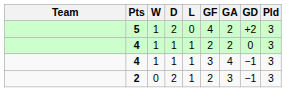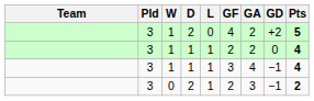 <table class="wikitable" style="text-align:center;">
 <tr>
 <th width=180>Team</th>
-<th width=20>Pts</th>
+<th width=20>Pld</th>
 <th width=20>W</th>
 <th width=20>D</th>
 <th width=20>L</th>
 <th width=20>GF</th>
 <th width=20>GA</th>
 <th width=20>GD</th>
-<th width=20>Pld</th>
+<th width=20>Pts</th>
 </tr>
 <tr bgcolor="ccffcc">
 <td align="left"></td>
-<td><strong>5</strong></td>
+<td>3</td>
 <td>1</td>
 <td>2</td>
 <td>0</td>
 <td>4</td>
 <td>2</td>
 <td>+2</td>
-<td>3</td>
+<td><strong>5</strong></td>
 </tr>
 <tr bgcolor="ccffcc">
 <td align="left"></td>
-<td><strong>4</strong></td>
+<td>3</td>
 <td>1</td>
 <td>1</td>
 <td>1</td>
 <td>2</td>
 <td>2</td>
 <td>0</td>
-<td>3</td>
+<td><strong>4</strong></td>
 </tr>
 <tr>
 <td align="left"></td>
-<td><strong>4</strong></td>
+<td>3</td>
 <td>1</td>
 <td>1</td>
 <td>1</td>
 <td>3</td>
 <td>4</td>
 <td>−1</td>
-<td>3</td>
+<td><strong>4</strong></td>
 </tr>
 <tr>
 <td align="left"></td>
-<td><strong>2</strong></td>
+<td>3</td>
 <td>0</td>
 <td>2</td>
 <td>1</td>
 <td>2</td>
 <td>3</td>
 <td>−1</td>
-<td>3</td>
+<td><strong>2</strong></td>
 </tr>
 </table>
